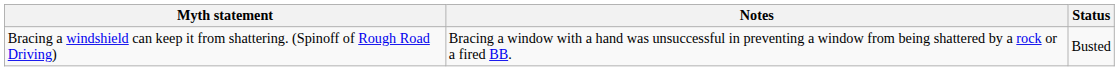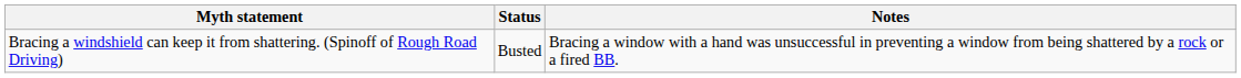 <table class="wikitable plainrowheaders">
 <tr>
 <th>Myth statement</th>
+<th>Status</th>
 <th>Notes</th>
-<th>Status</th>
 </tr>
 <tr>
 <td>Bracing a <a href='#'>windshield</a> can keep it from shattering. (Spinoff of <a href='#'>Rough Road Driving</a>)</td>
+<td><span>Busted</span></td>
 <td>Bracing a window with a hand was unsuccessful in preventing a window from being shattered by a <a href='#'>rock</a> or a fired <a href='#'>BB</a>.</td>
-<td><span>Busted</span></td>
 </tr>
 </table>
